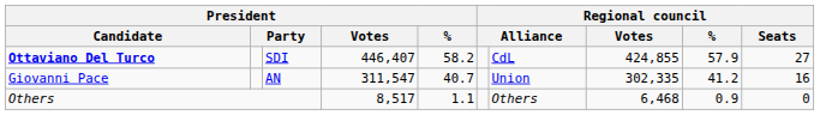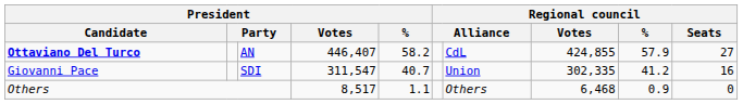 <table class="wikitable" style="text-align:right; style="width=65%">
 <tr>
 <th colspan="5">President</th>
 <th colspan="7">Regional council</th>
 </tr>
 <tr>
 <th>Candidate</th>
 <th colspan="2">Party</th>
 <th>Votes</th>
 <th>%</th>
 <th colspan="2">Alliance</th>
 <th>Votes</th>
 <th>%</th>
 <th>Seats</th>
 </tr>
 <tr>
 <td style="text-align:left"><strong><a href='#'>Ottaviano Del Turco</a></strong></td>
 <td></td>
-<td style="text-align:left"><a href='#'>SDI</a></td>
+<td style="text-align:left"><a href='#'>AN</a></td>
 <td>446,407</td>
 <td>58.2</td>
 <td></td>
 <td style="text-align:left"><a href='#'>CdL</a></td>
 <td>424,855</td>
 <td>57.9</td>
 <td>27</td>
 </tr>
 <tr>
 <td style="text-align:left"><a href='#'>Giovanni Pace</a></td>
 <td></td>
-<td style="text-align:left"><a href='#'>AN</a></td>
+<td style="text-align:left"><a href='#'>SDI</a></td>
 <td>311,547</td>
 <td>40.7</td>
 <td></td>
 <td style="text-align:left"><a href='#'>Union</a></td>
 <td>302,335</td>
 <td>41.2</td>
 <td>16</td>
 </tr>
 <tr>
 <td colspan="3" style="text-align:left"><em>Others</em></td>
 <td>8,517</td>
 <td>1.1</td>
 <td></td>
 <td style="text-align:left"><em>Others</em></td>
 <td>6,468</td>
 <td>0.9</td>
 <td>0</td>
 </tr>
 </table>
